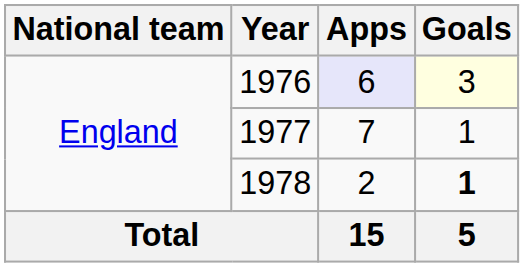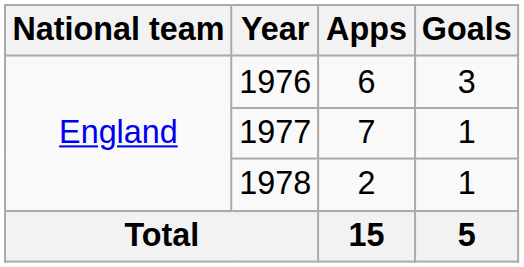 <table class="wikitable" style="text-align: center;">
 <tr>
 <th>National team</th>
 <th>Year</th>
 <th>Apps</th>
 <th>Goals</th>
 </tr>
 <tr>
 <td rowspan="3"><a href='#'>England</a></td>
 <td>1976</td>
-<td style="background: lavender;">6</td>
-<td style="background: lightyellow;">3</td>
+<td>6</td>
+<td>3</td>
 </tr>
 <tr>
 <td>1977</td>
 <td>7</td>
 <td>1</td>
 </tr>
 <tr>
 <td>1978</td>
 <td>2</td>
-<td><strong>1</strong></td>
+<td>1</td>
 </tr>
 <tr>
 <th colspan="2">Total</th>
 <th>15</th>
 <th>5</th>
 </tr>
 </table>
